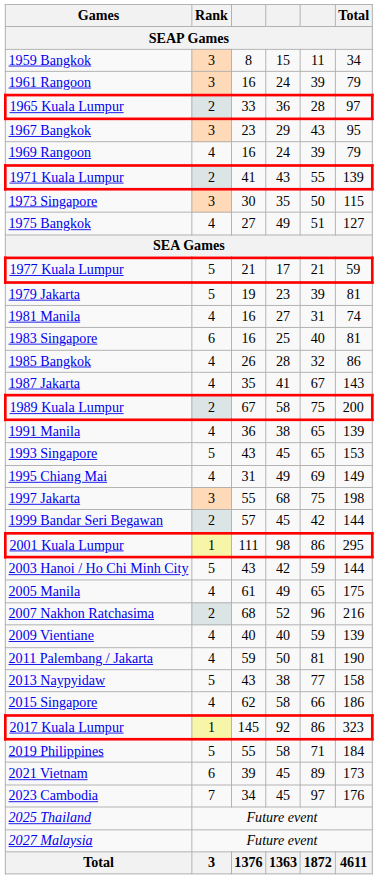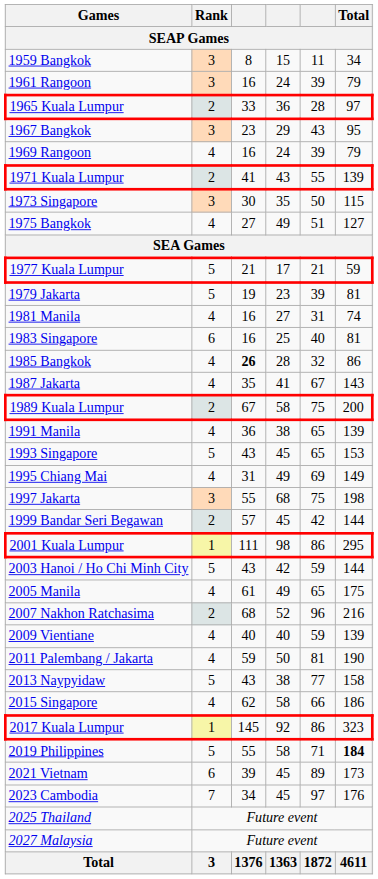 <table class="wikitable sortable" style="margin-top:0em; text-align:center; font-size:100%;">
 <tr>
 <th>Games</th>
 <th style="width:2em;">Rank</th>
 <th style="width:2em;"></th>
 <th style="width:2em;"></th>
 <th style="width:2em;"></th>
 <th style="width:2em;">Total</th>
 </tr>
 <tr>
 <th colspan=6><strong>SEAP Games</strong></th>
 </tr>
 <tr>
 <td align=left><a href='#'>1959 Bangkok</a></td>
 <td bgcolor=ffdab9>3</td>
 <td>8</td>
 <td>15</td>
 <td>11</td>
 <td>34</td>
 </tr>
 <tr>
 <td align=left><a href='#'>1961 Rangoon</a></td>
 <td bgcolor=ffdab9>3</td>
 <td>16</td>
 <td>24</td>
 <td>39</td>
 <td>79</td>
 </tr>
 <tr style="border: 3px solid red">
 <td align=left><a href='#'>1965 Kuala Lumpur</a></td>
 <td bgcolor=dce5e5>2</td>
 <td>33</td>
 <td>36</td>
 <td>28</td>
 <td>97</td>
 </tr>
 <tr>
 <td align=left><a href='#'>1967 Bangkok</a></td>
 <td bgcolor=ffdab9>3</td>
 <td>23</td>
 <td>29</td>
 <td>43</td>
 <td>95</td>
 </tr>
 <tr>
 <td align=left><a href='#'>1969 Rangoon</a></td>
 <td>4</td>
 <td>16</td>
 <td>24</td>
 <td>39</td>
 <td>79</td>
 </tr>
 <tr style="border: 3px solid red">
 <td align=left><a href='#'>1971 Kuala Lumpur</a></td>
 <td bgcolor=dce5e5>2</td>
 <td>41</td>
 <td>43</td>
 <td>55</td>
 <td>139</td>
 </tr>
 <tr>
 <td align=left><a href='#'>1973 Singapore</a></td>
 <td bgcolor=ffdab9>3</td>
 <td>30</td>
 <td>35</td>
 <td>50</td>
 <td>115</td>
 </tr>
 <tr>
 <td align=left><a href='#'>1975 Bangkok</a></td>
 <td>4</td>
 <td>27</td>
 <td>49</td>
 <td>51</td>
 <td>127</td>
 </tr>
 <tr>
 <th colspan=6><strong>SEA Games</strong></th>
 </tr>
 <tr style="border: 3px solid red">
 <td align=left><a href='#'>1977 Kuala Lumpur</a></td>
 <td>5</td>
 <td>21</td>
 <td>17</td>
 <td>21</td>
 <td>59</td>
 </tr>
 <tr>
 <td align=left><a href='#'>1979 Jakarta</a></td>
 <td>5</td>
 <td>19</td>
 <td>23</td>
 <td>39</td>
 <td>81</td>
 </tr>
 <tr>
 <td align=left><a href='#'>1981 Manila</a></td>
 <td>4</td>
 <td>16</td>
 <td>27</td>
 <td>31</td>
 <td>74</td>
 </tr>
 <tr>
 <td align=left><a href='#'>1983 Singapore</a></td>
 <td>6</td>
 <td>16</td>
 <td>25</td>
 <td>40</td>
 <td>81</td>
 </tr>
 <tr>
 <td align=left><a href='#'>1985 Bangkok</a></td>
 <td>4</td>
-<td>26</td>
+<td><strong>26</strong></td>
 <td>28</td>
 <td>32</td>
 <td>86</td>
 </tr>
 <tr>
 <td align=left><a href='#'>1987 Jakarta</a></td>
 <td>4</td>
 <td>35</td>
 <td>41</td>
 <td>67</td>
 <td>143</td>
 </tr>
 <tr style="border: 3px solid red">
 <td align=left><a href='#'>1989 Kuala Lumpur</a></td>
 <td bgcolor=dce5e5>2</td>
 <td>67</td>
 <td>58</td>
 <td>75</td>
 <td>200</td>
 </tr>
 <tr>
 <td align=left><a href='#'>1991 Manila</a></td>
 <td>4</td>
 <td>36</td>
 <td>38</td>
 <td>65</td>
 <td>139</td>
 </tr>
 <tr>
 <td align=left><a href='#'>1993 Singapore</a></td>
 <td>5</td>
 <td>43</td>
 <td>45</td>
 <td>65</td>
 <td>153</td>
 </tr>
 <tr>
 <td align=left><a href='#'>1995 Chiang Mai</a></td>
 <td>4</td>
 <td>31</td>
 <td>49</td>
 <td>69</td>
 <td>149</td>
 </tr>
 <tr>
 <td align=left><a href='#'>1997 Jakarta</a></td>
 <td bgcolor=ffdab9>3</td>
 <td>55</td>
 <td>68</td>
 <td>75</td>
 <td>198</td>
 </tr>
 <tr>
 <td align=left><a href='#'>1999 Bandar Seri Begawan</a></td>
 <td bgcolor=dce5e5>2</td>
 <td>57</td>
 <td>45</td>
 <td>42</td>
 <td>144</td>
 </tr>
 <tr style="border: 3px solid red">
 <td align=left><a href='#'>2001 Kuala Lumpur</a></td>
 <td bgcolor=f7f6a8>1</td>
 <td>111</td>
 <td>98</td>
 <td>86</td>
 <td>295</td>
 </tr>
 <tr>
 <td align=left><a href='#'>2003 Hanoi / Ho Chi Minh City</a></td>
 <td>5</td>
 <td>43</td>
 <td>42</td>
 <td>59</td>
 <td>144</td>
 </tr>
 <tr>
 <td align=left><a href='#'>2005 Manila</a></td>
 <td>4</td>
 <td>61</td>
 <td>49</td>
 <td>65</td>
 <td>175</td>
 </tr>
 <tr>
 <td align=left><a href='#'>2007 Nakhon Ratchasima</a></td>
 <td bgcolor=dce5e5>2</td>
 <td>68</td>
 <td>52</td>
 <td>96</td>
 <td>216</td>
 </tr>
 <tr>
 <td align=left><a href='#'>2009 Vientiane</a></td>
 <td>4</td>
 <td>40</td>
 <td>40</td>
 <td>59</td>
 <td>139</td>
 </tr>
 <tr>
 <td align=left><a href='#'>2011 Palembang / Jakarta</a></td>
 <td>4</td>
 <td>59</td>
 <td>50</td>
 <td>81</td>
 <td>190</td>
 </tr>
 <tr>
 <td align=left><a href='#'>2013 Naypyidaw</a></td>
 <td>5</td>
 <td>43</td>
 <td>38</td>
 <td>77</td>
 <td>158</td>
 </tr>
 <tr>
 <td align=left><a href='#'>2015 Singapore</a></td>
 <td>4</td>
 <td>62</td>
 <td>58</td>
 <td>66</td>
 <td>186</td>
 </tr>
 <tr style="border: 3px solid red">
 <td align=left><a href='#'>2017 Kuala Lumpur</a></td>
 <td bgcolor=f7f6a8>1</td>
 <td>145</td>
 <td>92</td>
 <td>86</td>
 <td>323</td>
 </tr>
 <tr>
 <td align=left><a href='#'>2019 Philippines</a></td>
 <td>5</td>
 <td>55</td>
 <td>58</td>
 <td>71</td>
-<td>184</td>
+<td><strong>184</strong></td>
 </tr>
 <tr>
 <td align=left><a href='#'>2021 Vietnam</a></td>
 <td>6</td>
 <td>39</td>
 <td>45</td>
 <td>89</td>
 <td>173</td>
 </tr>
 <tr>
 <td align=left><a href='#'>2023 Cambodia</a></td>
 <td>7</td>
 <td>34</td>
 <td>45</td>
 <td>97</td>
 <td>176</td>
 </tr>
 <tr>
 <td align=left><em><a href='#'>2025 Thailand</a></em></td>
 <td colspan=5><em>Future event</em></td>
 </tr>
 <tr>
 <td align=left><em><a href='#'>2027 Malaysia</a></em></td>
 <td colspan=5><em>Future event</em></td>
 </tr>
 <tr>
 <th>Total</th>
 <th>3</th>
 <th>1376</th>
 <th>1363</th>
 <th>1872</th>
 <th>4611</th>
 </tr>
 </table>
